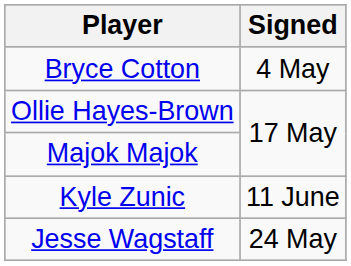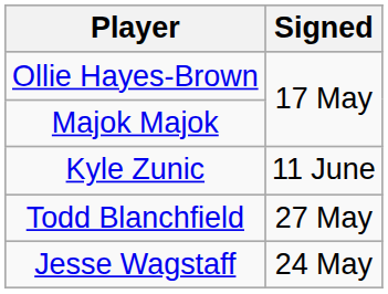 <table class="wikitable sortable sortable" style="text-align: center">
 <tr>
 <th>Player</th>
 <th>Signed</th>
-</tr>
-<tr>
-<td><a href='#'>Bryce Cotton</a></td>
-<td>4 May</td>
 </tr>
 <tr>
 <td><a href='#'>Ollie Hayes-Brown</a></td>
 <td rowspan="2">17 May</td>
 </tr>
 <tr>
 <td><a href='#'>Majok Majok</a></td>
 </tr>
 <tr>
 <td><a href='#'>Kyle Zunic</a></td>
 <td>11 June</td>
 </tr>
 <tr>
+<td><a href='#'>Todd Blanchfield</a></td>
+<td>27 May</td>
+</tr>
+<tr>
 <td><a href='#'>Jesse Wagstaff</a></td>
 <td>24 May</td>
 </tr>
 </table>
